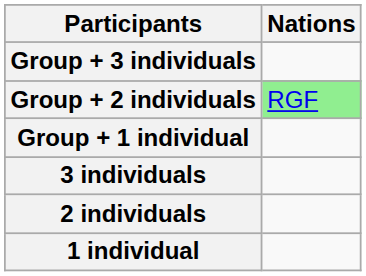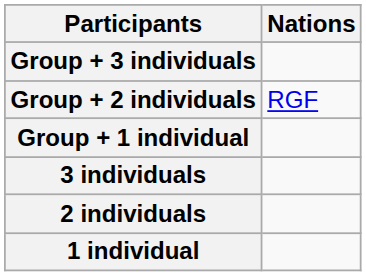 <table class="wikitable sortable" style="text-align:center; font-size:85%">
 <tr>
 <th scope="col">Participants</th>
 <th ! scope="col">Nations</th>
 </tr>
 <tr>
 <th scope=row>Group + 3 individuals</th>
 <td style="text-align:left;">     </td>
 </tr>
 <tr>
 <th scope=row>Group + 2 individuals</th>
-<td style="background: lightgreen; text-align:left;">     <a href='#'>RGF</a></td>
+<td style="text-align:left;">     <a href='#'>RGF</a></td>
 </tr>
 <tr>
 <th scope=row>Group + 1 individual</th>
 <td style="text-align:left;">     </td>
 </tr>
 <tr>
 <th scope=row>3 individuals</th>
 <td style="text-align:left;"></td>
 </tr>
 <tr>
 <th scope=row>2 individuals</th>
 <td style="text-align:left;">    </td>
 </tr>
 <tr>
 <th scope=row>1 individual</th>
 <td style="text-align:left;">           <br>            </td>
 </tr>
 </table>
